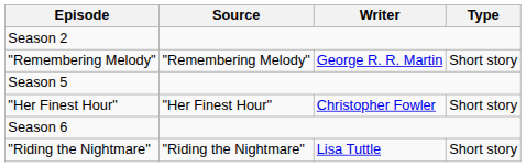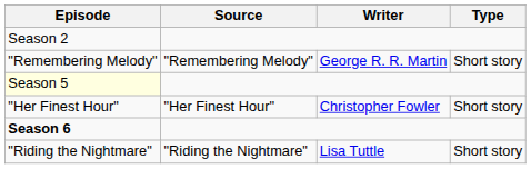 <table class="wikitable">
 <tr>
 <th>Episode</th>
 <th>Source</th>
 <th>Writer</th>
 <th>Type</th>
 </tr>
 <tr>
 <td>Season 2</td>
 </tr>
 <tr>
 <td>"Remembering Melody"</td>
 <td>"Remembering Melody"</td>
 <td><a href='#'>George R. R. Martin</a></td>
 <td>Short story</td>
 </tr>
 <tr>
-<td>Season 5</td>
+<td style="background: lightyellow;">Season 5</td>
 </tr>
 <tr>
 <td>"Her Finest Hour"</td>
 <td>"Her Finest Hour"</td>
 <td><a href='#'>Christopher Fowler</a></td>
 <td>Short story</td>
 </tr>
 <tr>
-<td>Season 6</td>
+<td><strong>Season 6</strong></td>
 </tr>
 <tr>
 <td>"Riding the Nightmare"</td>
 <td>"Riding the Nightmare"</td>
 <td><a href='#'>Lisa Tuttle</a></td>
 <td>Short story</td>
 </tr>
 </table>
